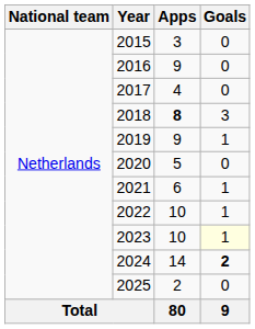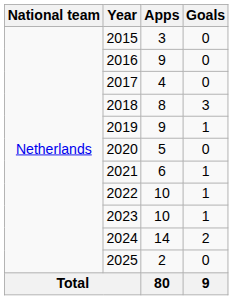 <table class="wikitable" style="text-align: center;">
 <tr>
 <th>National team</th>
 <th>Year</th>
 <th>Apps</th>
 <th>Goals</th>
 </tr>
 <tr>
 <td rowspan="11"><a href='#'>Netherlands</a></td>
 <td>2015</td>
 <td>3</td>
 <td>0</td>
 </tr>
 <tr>
 <td>2016</td>
 <td>9</td>
 <td>0</td>
 </tr>
 <tr>
 <td>2017</td>
 <td>4</td>
 <td>0</td>
 </tr>
 <tr>
 <td>2018</td>
-<td><strong>8</strong></td>
+<td>8</td>
 <td>3</td>
 </tr>
 <tr>
 <td>2019</td>
 <td>9</td>
 <td>1</td>
 </tr>
 <tr>
 <td>2020</td>
 <td>5</td>
 <td>0</td>
 </tr>
 <tr>
 <td>2021</td>
 <td>6</td>
 <td>1</td>
 </tr>
 <tr>
 <td>2022</td>
 <td>10</td>
 <td>1</td>
 </tr>
 <tr>
 <td>2023</td>
 <td>10</td>
-<td style="background: lightyellow;">1</td>
+<td>1</td>
 </tr>
 <tr>
 <td>2024</td>
 <td>14</td>
-<td><strong>2</strong></td>
+<td>2</td>
 </tr>
 <tr>
 <td>2025</td>
 <td>2</td>
 <td>0</td>
 </tr>
 <tr>
 <th colspan="2">Total</th>
 <th>80</th>
 <th>9</th>
 </tr>
 </table>
